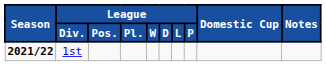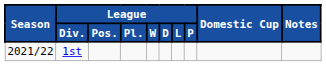 <table class="wikitable">
 <tr style="background:#efefef;">
 <th rowspan="2" ! style="background:#184FA1; color:#FFFFFF; border:2px solid #000;" scope="col">Season</th>
 <th colspan="7" ! style="background:#184FA1; color:#FFFFFF; border:2px solid #000;" scope="col">League</th>
 <th rowspan="2" ! style="background:#184FA1; color:#FFFFFF; border:2px solid #000;" scope="col">Domestic Cup</th>
 <th rowspan="2" ! style="background:#184FA1; color:#FFFFFF; border:2px solid #000;" scope="col">Notes</th>
 </tr>
 <tr>
 <th style="background:#184FA1; color:#FFFFFF; border:2px solid #000;" scope="col">Div.</th>
 <th style="background:#184FA1; color:#FFFFFF; border:2px solid #000;" scope="col">Pos.</th>
 <th style="background:#184FA1; color:#FFFFFF; border:2px solid #000;" scope="col">Pl.</th>
 <th style="background:#184FA1; color:#FFFFFF; border:2px solid #000;" scope="col">W</th>
 <th style="background:#184FA1; color:#FFFFFF; border:2px solid #000;" scope="col">D</th>
 <th style="background:#184FA1; color:#FFFFFF; border:2px solid #000;" scope="col">L</th>
 <th style="background:#184FA1; color:#FFFFFF; border:2px solid #000;" scope="col">P</th>
 </tr>
 <tr>
-<td align=center><strong>2021/22</strong></td>
+<td align=center>2021/22</td>
 <td align=center><a href='#'>1st</a></td>
 <td style="text-align:center; "></td>
 <td align=center></td>
 <td align=center></td>
 <td align=center></td>
 <td align=center></td>
 <td align=center></td>
 <td align=center></td>
 <td></td>
 </tr>
 </table>
